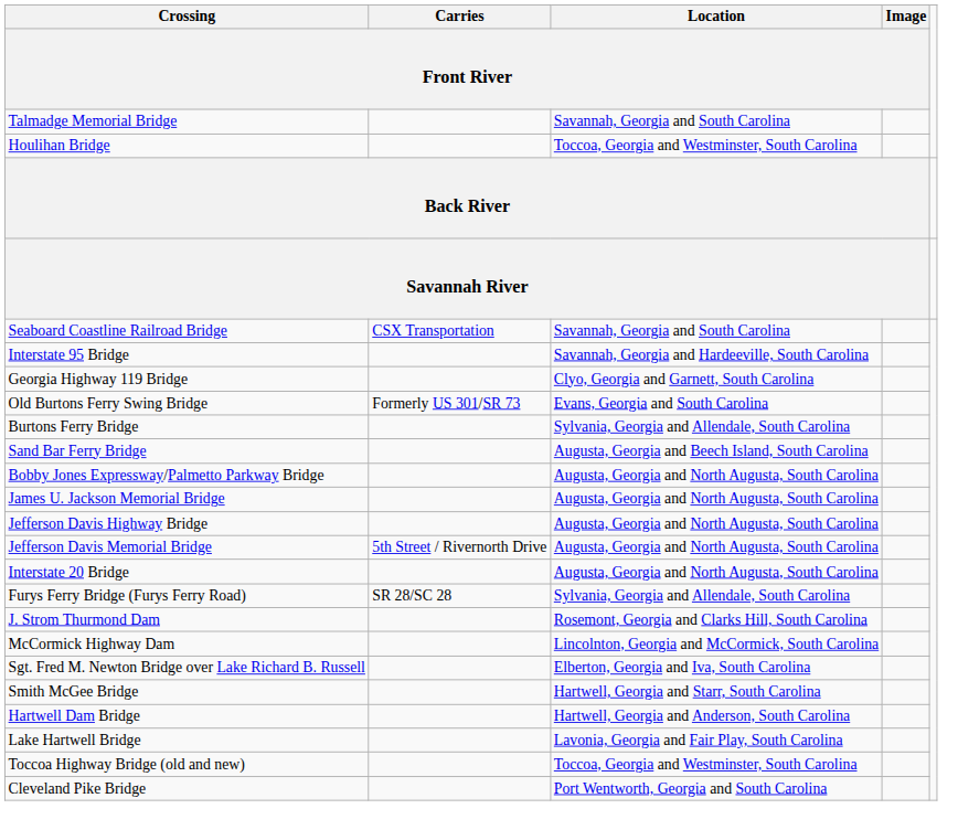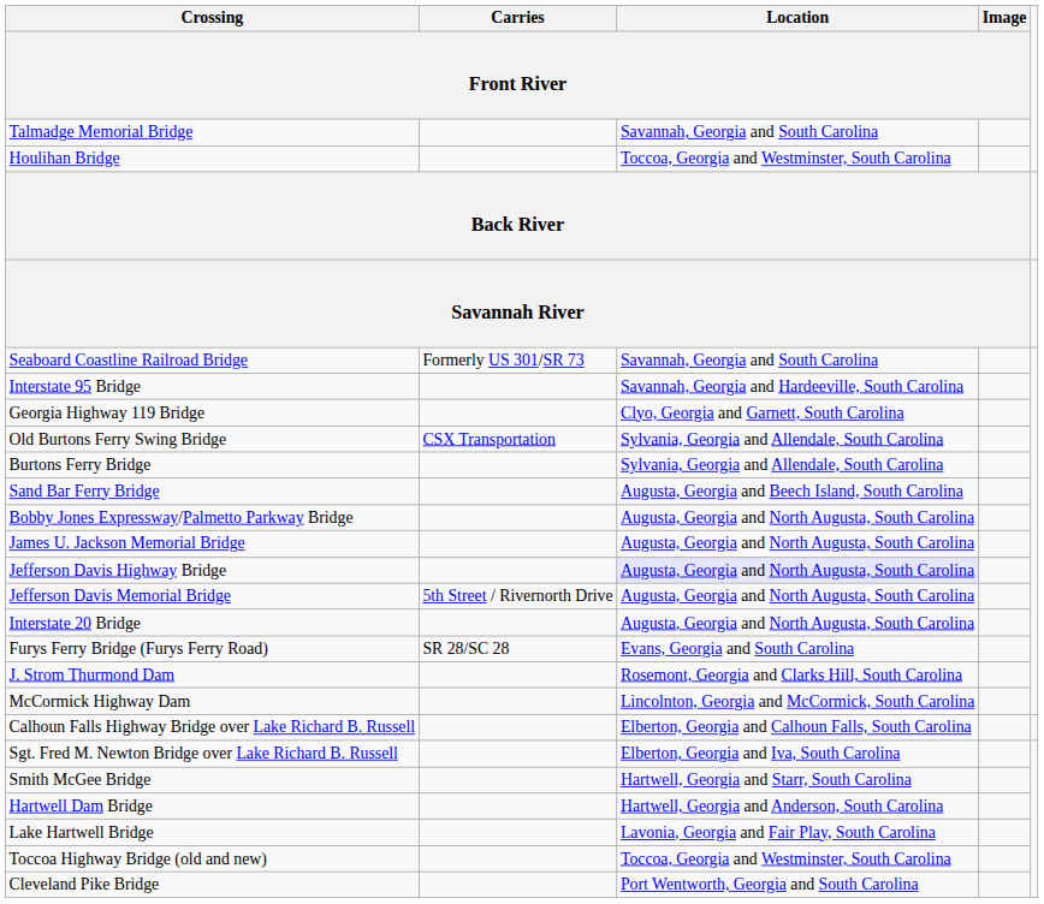 <table class=wikitable>
 <tr>
 <th>Crossing</th>
 <th>Carries</th>
 <th>Location</th>
 <th>Image</th>
 </tr>
 <tr>
 <th colspan=4><br><h3>Front River</h3></th>
 </tr>
 <tr>
 <td><a href='#'>Talmadge Memorial Bridge</a></td>
 <td></td>
 <td><a href='#'>Savannah, Georgia</a> and <a href='#'>South Carolina</a></td>
 <td></td>
 </tr>
 <tr>
 <td><a href='#'>Houlihan Bridge</a></td>
 <td></td>
 <td><a href='#'>Toccoa, Georgia</a> and <a href='#'>Westminster, South Carolina</a></td>
 <td></td>
 </tr>
 <tr>
 <th colspan=4><br><h3>Back River</h3></th>
 <td></td>
 </tr>
 <tr>
 <th colspan=4><br><h3>Savannah River</h3></th>
 <td></td>
 </tr>
 <tr>
 <td><a href='#'>Seaboard Coastline Railroad Bridge</a></td>
-<td><a href='#'>CSX Transportation</a></td>
+<td>Formerly <a href='#'>US 301</a>/<a href='#'>SR 73</a></td>
 <td><a href='#'>Savannah, Georgia</a> and <a href='#'>South Carolina</a></td>
 <td></td>
 </tr>
 <tr>
 <td><a href='#'>Interstate 95</a> Bridge</td>
 <td></td>
 <td><a href='#'>Savannah, Georgia</a> and <a href='#'>Hardeeville, South Carolina</a></td>
 <td></td>
 </tr>
 <tr>
 <td>Georgia Highway 119 Bridge</td>
 <td></td>
 <td><a href='#'>Clyo, Georgia</a> and <a href='#'>Garnett, South Carolina</a></td>
 <td></td>
 </tr>
 <tr>
 <td>Old Burtons Ferry Swing Bridge</td>
-<td>Formerly <a href='#'>US 301</a>/<a href='#'>SR 73</a></td>
-<td><a href='#'>Evans, Georgia</a> and <a href='#'>South Carolina</a></td>
+<td><a href='#'>CSX Transportation</a></td>
+<td><a href='#'>Sylvania, Georgia</a> and <a href='#'>Allendale, South Carolina</a></td>
 <td></td>
 </tr>
 <tr>
 <td>Burtons Ferry Bridge</td>
 <td></td>
 <td><a href='#'>Sylvania, Georgia</a> and <a href='#'>Allendale, South Carolina</a></td>
 <td></td>
 </tr>
 <tr>
 <td><a href='#'>Sand Bar Ferry Bridge</a></td>
 <td></td>
 <td><a href='#'>Augusta, Georgia</a> and <a href='#'>Beech Island, South Carolina</a></td>
 <td></td>
 </tr>
 <tr>
 <td><a href='#'>Bobby Jones Expressway</a>/<a href='#'>Palmetto Parkway</a> Bridge</td>
 <td></td>
 <td><a href='#'>Augusta, Georgia</a> and <a href='#'>North Augusta, South Carolina</a></td>
 <td></td>
 </tr>
 <tr>
 <td><a href='#'>James U. Jackson Memorial Bridge</a></td>
 <td></td>
 <td><a href='#'>Augusta, Georgia</a> and <a href='#'>North Augusta, South Carolina</a></td>
 <td></td>
 </tr>
 <tr>
 <td><a href='#'>Jefferson Davis Highway</a> Bridge</td>
 <td></td>
-<td><a href='#'>Augusta, Georgia</a> and <a href='#'>North Augusta, South Carolina</a></td>
+<td style="background: lavender;"><a href='#'>Augusta, Georgia</a> and <a href='#'>North Augusta, South Carolina</a></td>
 <td></td>
 </tr>
 <tr>
 <td><a href='#'>Jefferson Davis Memorial Bridge</a></td>
 <td><a href='#'>5th Street</a> / Rivernorth Drive</td>
 <td><a href='#'>Augusta, Georgia</a> and <a href='#'>North Augusta, South Carolina</a></td>
 <td></td>
 </tr>
 <tr>
 <td><a href='#'>Interstate 20</a> Bridge</td>
 <td></td>
 <td><a href='#'>Augusta, Georgia</a> and <a href='#'>North Augusta, South Carolina</a></td>
 <td></td>
 </tr>
 <tr>
 <td>Furys Ferry Bridge (Furys Ferry Road)</td>
 <td> SR 28/SC 28</td>
-<td><a href='#'>Sylvania, Georgia</a> and <a href='#'>Allendale, South Carolina</a></td>
+<td><a href='#'>Evans, Georgia</a> and <a href='#'>South Carolina</a></td>
 <td></td>
 </tr>
 <tr>
 <td><a href='#'>J. Strom Thurmond Dam</a></td>
 <td></td>
 <td><a href='#'>Rosemont, Georgia</a> and <a href='#'>Clarks Hill, South Carolina</a></td>
 <td></td>
 </tr>
 <tr>
 <td>McCormick Highway Dam</td>
 <td></td>
 <td><a href='#'>Lincolnton, Georgia</a> and <a href='#'>McCormick, South Carolina</a></td>
+<td></td>
+</tr>
+<tr>
+<td>Calhoun Falls Highway Bridge over <a href='#'>Lake Richard B. Russell</a></td>
+<td></td>
+<td><a href='#'>Elberton, Georgia</a> and <a href='#'>Calhoun Falls, South Carolina</a></td>
+<td></td>
 <td></td>
 </tr>
 <tr>
 <td>Sgt. Fred M. Newton Bridge over <a href='#'>Lake Richard B. Russell</a></td>
 <td></td>
 <td><a href='#'>Elberton, Georgia</a> and <a href='#'>Iva, South Carolina</a></td>
 <td></td>
 </tr>
 <tr>
 <td>Smith McGee Bridge</td>
 <td></td>
 <td><a href='#'>Hartwell, Georgia</a> and <a href='#'>Starr, South Carolina</a></td>
 <td></td>
 </tr>
 <tr>
 <td><a href='#'>Hartwell Dam</a> Bridge</td>
 <td></td>
 <td><a href='#'>Hartwell, Georgia</a> and <a href='#'>Anderson, South Carolina</a></td>
 <td></td>
 </tr>
 <tr>
 <td>Lake Hartwell Bridge</td>
 <td></td>
 <td><a href='#'>Lavonia, Georgia</a> and <a href='#'>Fair Play, South Carolina</a></td>
 <td></td>
 </tr>
 <tr>
 <td>Toccoa Highway Bridge (old and new)</td>
 <td></td>
 <td><a href='#'>Toccoa, Georgia</a> and <a href='#'>Westminster, South Carolina</a></td>
 <td></td>
 </tr>
 <tr>
 <td>Cleveland Pike Bridge</td>
 <td></td>
 <td><a href='#'>Port Wentworth, Georgia</a> and <a href='#'>South Carolina</a></td>
 <td></td>
 </tr>
 </table>
